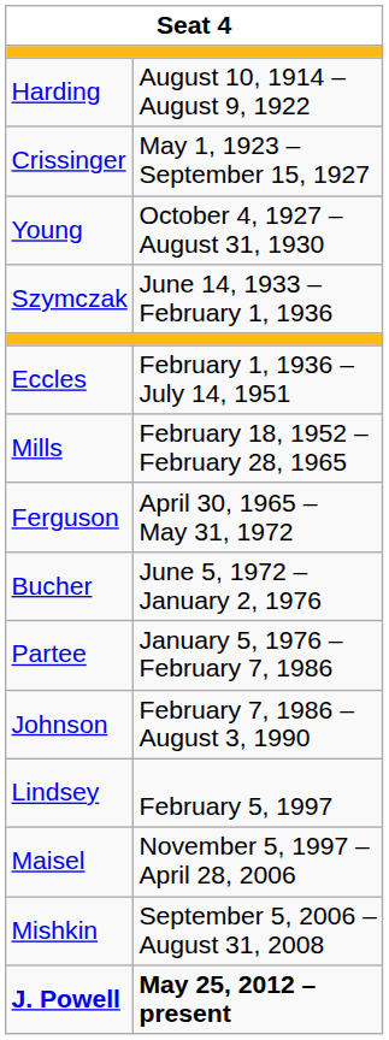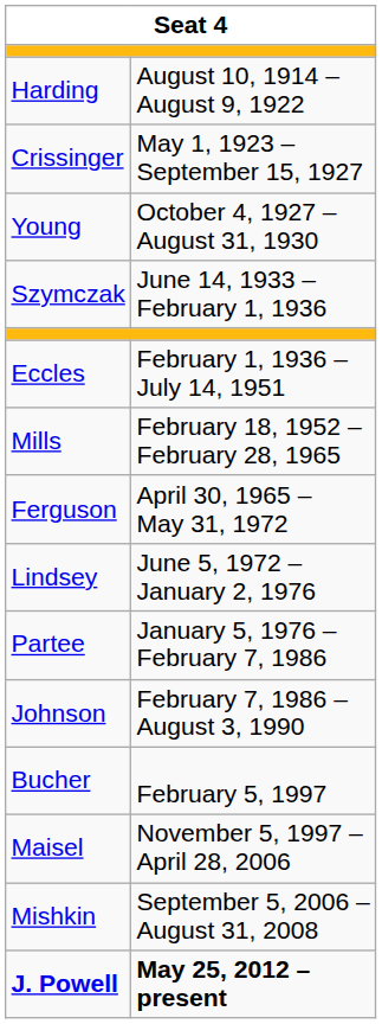 <table class="wikitable">
 <tr>
 <th colspan="2" style="background:#fff;">Seat 4</th>
 </tr>
 <tr>
 <td colspan="2" style="background: #FFB90F;"></td>
 </tr>
 <tr>
 <td><a href='#'>Harding</a></td>
 <td>August 10, 1914 –<br>August 9, 1922</td>
 </tr>
 <tr>
 <td><a href='#'>Crissinger</a></td>
 <td>May 1, 1923 –<br>September 15, 1927</td>
 </tr>
 <tr>
 <td><a href='#'>Young</a></td>
 <td>October 4, 1927 –<br>August 31, 1930</td>
 </tr>
 <tr>
 <td><a href='#'>Szymczak</a></td>
 <td>June 14, 1933 –<br>February 1, 1936</td>
 </tr>
 <tr>
 <td colspan="2" style="background: #FFB90F;"></td>
 </tr>
 <tr>
 <td><a href='#'>Eccles</a></td>
 <td>February 1, 1936 –<br>July 14, 1951</td>
 </tr>
 <tr>
 <td><a href='#'>Mills</a></td>
 <td>February 18, 1952 –<br>February 28, 1965</td>
 </tr>
 <tr>
 <td><a href='#'>Ferguson</a></td>
 <td>April 30, 1965 –<br>May 31, 1972</td>
 </tr>
 <tr>
-<td><a href='#'>Bucher</a></td>
+<td><a href='#'>Lindsey</a></td>
 <td>June 5, 1972 –<br>January 2, 1976</td>
 </tr>
 <tr>
 <td><a href='#'>Partee</a></td>
 <td>January 5, 1976 –<br>February 7, 1986</td>
 </tr>
 <tr>
 <td><a href='#'>Johnson</a></td>
 <td>February 7, 1986 –<br>August 3, 1990</td>
 </tr>
 <tr>
-<td><a href='#'>Lindsey</a></td>
+<td><a href='#'>Bucher</a></td>
 <td><br>February 5, 1997</td>
 </tr>
 <tr>
 <td><a href='#'>Maisel</a></td>
 <td>November 5, 1997 –<br>April 28, 2006</td>
 </tr>
 <tr>
 <td><a href='#'>Mishkin</a></td>
 <td>September 5, 2006 –<br>August 31, 2008</td>
 </tr>
 <tr>
 <td><strong><a href='#'>J. Powell</a></strong></td>
 <td><strong>May 25, 2012 –<br>present</strong></td>
 </tr>
 </table>
